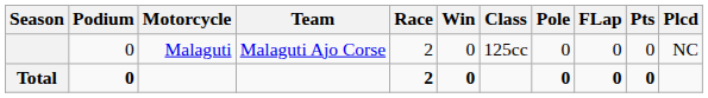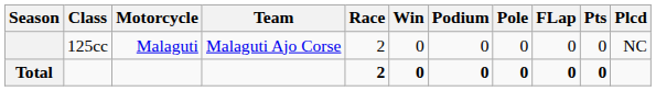 <table class="wikitable">
 <tr>
 <th>Season</th>
-<th>Podium</th>
+<th>Class</th>
 <th>Motorcycle</th>
 <th>Team</th>
 <th>Race</th>
 <th>Win</th>
-<th>Class</th>
+<th>Podium</th>
 <th>Pole</th>
 <th>FLap</th>
 <th>Pts</th>
 <th>Plcd</th>
 </tr>
 <tr align="right">
 <th></th>
-<td>0</td>
+<td>125cc</td>
 <td><a href='#'>Malaguti</a></td>
 <td><a href='#'>Malaguti Ajo Corse</a></td>
 <td>2</td>
 <td>0</td>
-<td>125cc</td>
+<td>0</td>
 <td>0</td>
 <td>0</td>
 <td>0</td>
 <td>NC</td>
 </tr>
 <tr align="right">
 <th>Total</th>
-<td><strong>0</strong></td>
+<td></td>
 <td></td>
 <td></td>
 <td><strong>2</strong></td>
 <td><strong>0</strong></td>
-<td></td>
+<td><strong>0</strong></td>
 <td><strong>0</strong></td>
 <td><strong>0</strong></td>
 <td><strong>0</strong></td>
 <td></td>
 </tr>
 </table>
